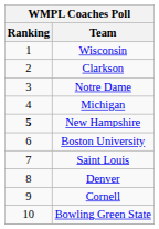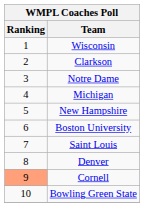 <table class="wikitable" style="text-align:center;">
 <tr>
 <th colspan=2><strong>WMPL Coaches Poll</strong></th>
 </tr>
 <tr>
 <th>Ranking</th>
 <th>Team</th>
 </tr>
 <tr>
 <td>1</td>
 <td><a href='#'>Wisconsin</a></td>
 </tr>
 <tr>
 <td>2</td>
 <td><a href='#'>Clarkson</a></td>
 </tr>
 <tr>
 <td>3</td>
 <td><a href='#'>Notre Dame</a></td>
 </tr>
 <tr>
 <td>4</td>
 <td><a href='#'>Michigan</a></td>
 </tr>
 <tr>
-<td><strong>5</strong></td>
+<td>5</td>
 <td><a href='#'>New Hampshire</a></td>
 </tr>
 <tr>
 <td>6</td>
 <td><a href='#'>Boston University</a></td>
 </tr>
 <tr>
 <td>7</td>
 <td><a href='#'>Saint Louis</a></td>
 </tr>
 <tr>
 <td>8</td>
 <td><a href='#'>Denver</a></td>
 </tr>
 <tr>
-<td>9</td>
+<td style="background: lightsalmon;">9</td>
 <td><a href='#'>Cornell</a></td>
 </tr>
 <tr>
 <td>10</td>
 <td><a href='#'>Bowling Green State</a></td>
 </tr>
 <tr>
 </tr>
 </table>
